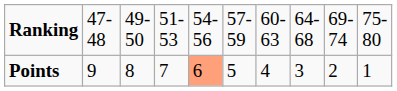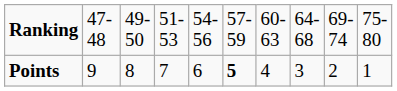 <table class="wikitable">
 <tr>
 <td><strong>Ranking</strong></td>
 <td width=25>47-48</td>
 <td width=15>49-50</td>
 <td width=15>51-53</td>
 <td width=15>54-56</td>
 <td width=15>57-59</td>
 <td width=15>60-63</td>
 <td width=15>64-68</td>
 <td width=15>69-74</td>
 <td width=15>75-80</td>
 </tr>
 <tr>
 <td><strong>Points</strong></td>
 <td>9</td>
 <td>8</td>
 <td>7</td>
-<td style="background: lightsalmon;">6</td>
-<td>5</td>
+<td>6</td>
+<td><strong>5</strong></td>
 <td>4</td>
 <td>3</td>
 <td>2</td>
 <td>1</td>
 </tr>
 </table>
